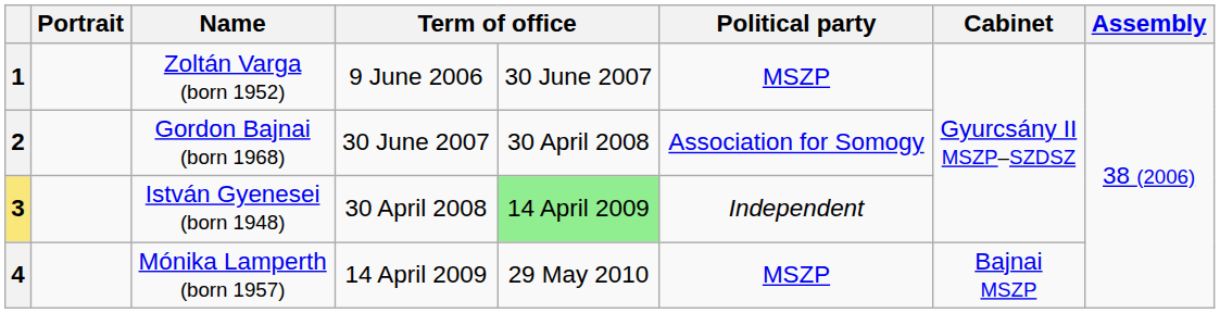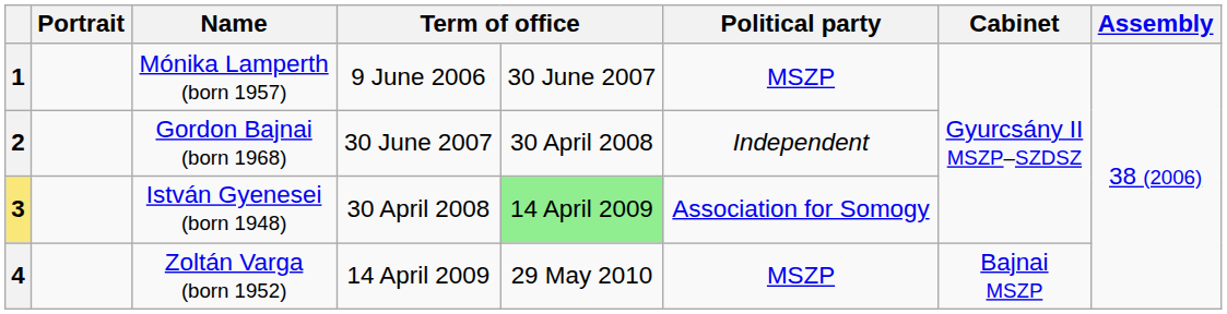 <table class="wikitable" style="width:90%; text-align:center;">
 <tr>
 <th></th>
 <th>Portrait</th>
 <th>Name<br></th>
 <th colspan=2>Term of office</th>
 <th>Political party</th>
 <th>Cabinet</th>
 <th><a href='#'>Assembly</a><br></th>
 </tr>
 <tr>
 <th style="background:">1</th>
 <td></td>
-<td><a href='#'>Zoltán Varga</a><br><small>(born 1952)</small></td>
+<td><a href='#'>Mónika Lamperth</a><br><small>(born 1957)</small></td>
 <td>9 June 2006</td>
 <td>30 June 2007</td>
 <td><a href='#'>MSZP</a></td>
 <td rowspan="3"><a href='#'>Gyurcsány II</a><br><small><a href='#'>MSZP</a>–<a href='#'>SZDSZ</a></small></td>
 <td rowspan="4"><a href='#'>38 <small>(2006)</small></a></td>
 </tr>
 <tr>
 <th style="background:">2</th>
 <td></td>
 <td><a href='#'>Gordon Bajnai</a><br><small>(born 1968)</small></td>
 <td>30 June 2007</td>
 <td>30 April 2008</td>
-<td><a href='#'>Association for Somogy</a></td>
+<td><em>Independent</em></td>
 </tr>
 <tr>
 <th style="background:#f9e77a; color:black;">3</th>
 <td></td>
 <td><a href='#'>István Gyenesei</a><br><small>(born 1948)</small></td>
 <td>30 April 2008</td>
 <td style="background: lightgreen;">14 April 2009</td>
-<td><em>Independent</em></td>
+<td><a href='#'>Association for Somogy</a></td>
 </tr>
 <tr>
 <th style="background:">4</th>
 <td></td>
-<td><a href='#'>Mónika Lamperth</a><br><small>(born 1957)</small></td>
+<td><a href='#'>Zoltán Varga</a><br><small>(born 1952)</small></td>
 <td>14 April 2009</td>
 <td>29 May 2010</td>
 <td><a href='#'>MSZP</a></td>
 <td><a href='#'>Bajnai</a><br><small><a href='#'>MSZP</a></small></td>
 </tr>
 </table>
